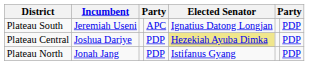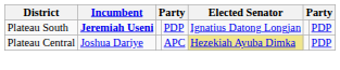 <table class="sortable wikitable" style="font-size:95%;line-height:14px;">
 <tr>
 <th class="unsortable">District</th>
 <th class="unsortable"><a href='#'>Incumbent</a></th>
 <th colspan="2">Party</th>
 <th class="unsortable">Elected Senator</th>
 <th colspan="2">Party</th>
 </tr>
 <tr>
 <td>Plateau South</td>
-<td><a href='#'>Jeremiah Useni</a></td>
+<td><strong><a href='#'>Jeremiah Useni</a></strong></td>
 <td style="background:"></td>
-<td><a href='#'>APC</a></td>
+<td><a href='#'>PDP</a></td>
 <td><a href='#'>Ignatius Datong Longjan</a></td>
 <td style="background:"></td>
 <td><a href='#'>PDP</a></td>
 </tr>
 <tr>
 <td>Plateau Central</td>
 <td><a href='#'>Joshua Dariye</a></td>
 <td style="background:"></td>
-<td><a href='#'>PDP</a></td>
+<td><a href='#'>APC</a></td>
 <td style="background: khaki;"><a href='#'>Hezekiah Ayuba Dimka</a></td>
 <td style="background:"></td>
 <td><a href='#'>PDP</a></td>
 </tr>
-<tr>
-<td>Plateau North</td>
-<td><a href='#'>Jonah Jang</a></td>
-<td style="background:"></td>
-<td><a href='#'>PDP</a></td>
-<td><a href='#'>Istifanus Gyang</a></td>
-<td style="background:"></td>
-<td><a href='#'>PDP</a></td>
-</tr>
 </table>
